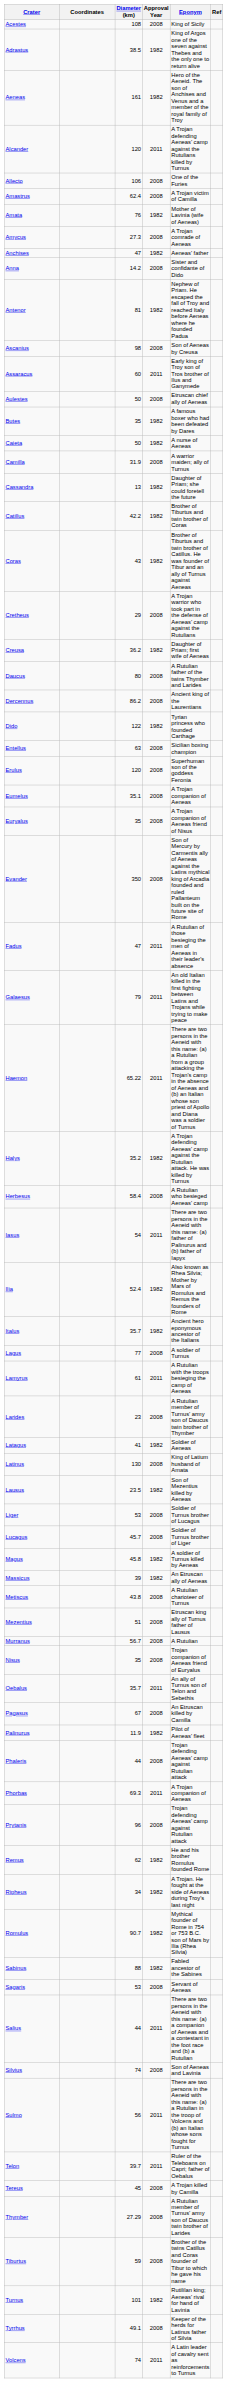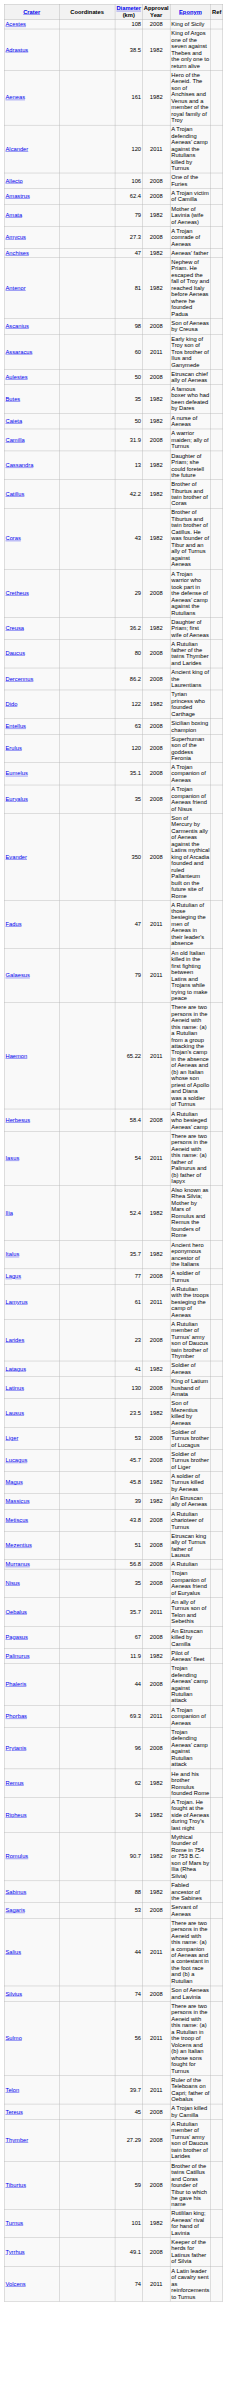 <table class="wikitable sortable" style="min-width: 90%">
 <tr>
 <th style="width:10em"><a href='#'>Crater</a></th>
 <th style="width:10em">Coordinates</th>
 <th><a href='#'>Diameter</a><br>(km)</th>
 <th>Approval<br>Year</th>
 <th class="unsortable"><a href='#'>Eponym</a></th>
 <th class="unsortable">Ref</th>
 </tr>
 <tr id="Acestes">
 <td><a href='#'>Acestes</a></td>
 <td></td>
 <td align=right>108</td>
 <td align=center>2008</td>
 <td>King of Sicily</td>
 <td></td>
 </tr>
 <tr id="Adrastus">
 <td><a href='#'>Adrastus</a></td>
 <td></td>
 <td align=right>38.5</td>
 <td align=center>1982</td>
 <td>King of Argos one of the seven against Thebes and the only one to return alive</td>
 <td></td>
 </tr>
 <tr id="Aeneas">
 <td><a href='#'>Aeneas</a></td>
 <td></td>
 <td align=right>161</td>
 <td align=center>1982</td>
 <td>Hero of the Aeneid. The son of Anchises and Venus and a member of the royal family of Troy</td>
 <td></td>
 </tr>
 <tr id="Alcander">
 <td><a href='#'>Alcander</a></td>
 <td></td>
 <td align=right>120</td>
 <td align=center>2011</td>
 <td>A Trojan defending Aeneas’ camp against the Rutulians killed by Turnus</td>
 <td></td>
 </tr>
 <tr id="Allecto">
 <td><a href='#'>Allecto</a></td>
 <td></td>
 <td align=right>106</td>
 <td align=center>2008</td>
 <td>One of the Furies</td>
 <td></td>
 </tr>
 <tr id="Amastrus">
 <td><a href='#'>Amastrus</a></td>
 <td></td>
 <td align=right>62.4</td>
 <td align=center>2008</td>
 <td>A Trojan victim of Camilla</td>
 <td></td>
 </tr>
 <tr id="Amata">
 <td><a href='#'>Amata</a></td>
 <td></td>
-<td align=right>76</td>
+<td align=right>79</td>
 <td align=center>1982</td>
 <td>Mother of Lavinia (wife of Aeneas)</td>
 <td></td>
 </tr>
 <tr id="Amycus">
 <td><a href='#'>Amycus</a></td>
 <td></td>
 <td align=right>27.3</td>
 <td align=center>2008</td>
 <td>A Trojan comrade of Aeneas</td>
 <td></td>
 </tr>
 <tr id="Anchises">
 <td><a href='#'>Anchises</a></td>
 <td></td>
 <td align=right>47</td>
 <td align=center>1982</td>
 <td>Aeneas' father</td>
-<td></td>
-</tr>
-<tr id="Anna">
-<td><a href='#'>Anna</a></td>
-<td></td>
-<td align=right>14.2</td>
-<td align=center>2008</td>
-<td>Sister and confidante of Dido</td>
 <td></td>
 </tr>
 <tr id="Antenor">
 <td><a href='#'>Antenor</a></td>
 <td></td>
 <td align=right>81</td>
 <td align=center>1982</td>
 <td>Nephew of Priam. He escaped the fall of Troy and reached Italy before Aeneas where he founded Padua</td>
 <td></td>
 </tr>
 <tr id="Ascanius">
 <td><a href='#'>Ascanius</a></td>
 <td></td>
 <td align=right>98</td>
 <td align=center>2008</td>
 <td>Son of Aeneas by Creusa</td>
 <td></td>
 </tr>
 <tr id="Assaracus">
 <td><a href='#'>Assaracus</a></td>
 <td></td>
 <td align=right>60</td>
 <td align=center>2011</td>
 <td>Early king of Troy son of Tros brother of Ilus and Ganymede</td>
 <td></td>
 </tr>
 <tr id="Aulestes">
 <td><a href='#'>Aulestes</a></td>
 <td></td>
 <td align=right>50</td>
 <td align=center>2008</td>
 <td>Etruscan chief ally of Aeneas</td>
 <td></td>
 </tr>
 <tr id="Butes">
 <td><a href='#'>Butes</a></td>
 <td></td>
 <td align=right>35</td>
 <td align=center>1982</td>
 <td>A famous boxer who had been defeated by Dares</td>
 <td></td>
 </tr>
 <tr id="Caieta">
 <td><a href='#'>Caieta</a></td>
 <td></td>
 <td align=right>50</td>
 <td align=center>1982</td>
 <td>A nurse of Aeneas</td>
 <td></td>
 </tr>
 <tr id="Camilla">
 <td><a href='#'>Camilla</a></td>
 <td></td>
 <td align=right>31.9</td>
 <td align=center>2008</td>
 <td>A warrior maiden; ally of Turnus</td>
 <td></td>
 </tr>
 <tr id="Cassandra">
 <td><a href='#'>Cassandra</a></td>
 <td></td>
 <td align=right>13</td>
 <td align=center>1982</td>
 <td>Daughter of Priam; she could foretell the future</td>
 <td></td>
 </tr>
 <tr id="Catillus">
 <td><a href='#'>Catillus</a></td>
 <td></td>
 <td align=right>42.2</td>
 <td align=center>1982</td>
 <td>Brother of Tiburtus and twin brother of Coras</td>
 <td></td>
 </tr>
 <tr id="Coras">
 <td><a href='#'>Coras</a></td>
 <td></td>
 <td align=right>43</td>
 <td align=center>1982</td>
 <td>Brother of Tiburtus and twin brother of Catillus. He was founder of Tibur and an ally of Turnus against Aeneas</td>
 <td></td>
 </tr>
 <tr id="Cretheus">
 <td><a href='#'>Cretheus</a></td>
 <td></td>
 <td align=right>29</td>
 <td align=center>2008</td>
 <td>A Trojan warrior who took part in the defense of Aeneas’ camp against the Rutulians</td>
 <td></td>
 </tr>
 <tr id="Creusa">
 <td><a href='#'>Creusa</a></td>
 <td></td>
 <td align=right>36.2</td>
 <td align=center>1982</td>
 <td>Daughter of Priam; first wife of Aeneas</td>
 <td></td>
 </tr>
 <tr id="Daucus">
 <td><a href='#'>Daucus</a></td>
 <td></td>
 <td align=right>80</td>
 <td align=center>2008</td>
 <td>A Rutulian father of the twins Thymber and Larides</td>
 <td></td>
 </tr>
 <tr id="Dercennus">
 <td><a href='#'>Dercennus</a></td>
 <td></td>
 <td align=right>86.2</td>
 <td align=center>2008</td>
 <td>Ancient king of the Laurentians</td>
 <td></td>
 </tr>
 <tr id="Dido">
 <td><a href='#'>Dido</a></td>
 <td></td>
 <td align=right>122</td>
 <td align=center>1982</td>
 <td>Tyrian princess who founded Carthage</td>
 <td></td>
 </tr>
 <tr id="Entellus">
 <td><a href='#'>Entellus</a></td>
 <td></td>
 <td align=right>63</td>
 <td align=center>2008</td>
 <td>Sicilian boxing champion</td>
 <td></td>
 </tr>
 <tr id="Erulus">
 <td><a href='#'>Erulus</a></td>
 <td></td>
 <td align=right>120</td>
 <td align=center>2008</td>
 <td>Superhuman son of the goddess Feronia</td>
 <td></td>
 </tr>
 <tr id="Eumelus">
 <td><a href='#'>Eumelus</a></td>
 <td></td>
 <td align=right>35.1</td>
 <td align=center>2008</td>
 <td>A Trojan companion of Aeneas</td>
 <td></td>
 </tr>
 <tr id="Euryalus">
 <td><a href='#'>Euryalus</a></td>
 <td></td>
 <td align=right>35</td>
 <td align=center>2008</td>
 <td>A Trojan companion of Aeneas friend of Nisus</td>
 <td></td>
 </tr>
 <tr id="Evander">
 <td><a href='#'>Evander</a></td>
 <td></td>
 <td align=right>350</td>
 <td align=center>2008</td>
 <td>Son of Mercury by Carmentis ally of Aeneas against the Latins mythical king of Arcadia founded and ruled Pallanteum built on the future site of Rome</td>
 <td></td>
 </tr>
 <tr id="Fadus">
 <td><a href='#'>Fadus</a></td>
 <td></td>
 <td align=right>47</td>
 <td align=center>2011</td>
 <td>A Rutulian of those besieging the men of Aeneas in their leader's absence</td>
 <td></td>
 </tr>
 <tr id="Galaesus">
 <td><a href='#'>Galaesus</a></td>
 <td></td>
 <td align=right>79</td>
 <td align=center>2011</td>
 <td>An old Italian killed in the first fighting between Latins and Trojans while trying to make peace</td>
 <td></td>
 </tr>
 <tr id="Haemon">
 <td><a href='#'>Haemon</a></td>
 <td></td>
 <td align=right>65.22</td>
 <td align=center>2011</td>
 <td>There are two persons in the Aeneid with this name: (a) a Rutulian from a group attacking the Trojan's camp in the absence of Aeneas and (b) an Italian whose son priest of Apollo and Diana was a soldier of Turnus</td>
 <td></td>
 </tr>
-<tr id="Halys">
-<td><a href='#'>Halys</a></td>
-<td></td>
-<td align=right>35.2</td>
-<td align=center>1982</td>
-<td>A Trojan defending Aeneas' camp against the Rutulian attack. He was killed by Turnus</td>
-<td></td>
-</tr>
 <tr id="Herbesus">
 <td><a href='#'>Herbesus</a></td>
 <td></td>
 <td align=right>58.4</td>
 <td align=center>2008</td>
 <td>A Rutulian who besieged Aeneas' camp</td>
 <td></td>
 </tr>
 <tr id="Iasus">
 <td><a href='#'>Iasus</a></td>
 <td></td>
 <td align=right>54</td>
 <td align=center>2011</td>
 <td>There are two persons in the Aeneid with this name: (a) father of Palinurus and (b) father of Iapyx</td>
 <td></td>
 </tr>
 <tr id="Ilia">
 <td><a href='#'>Ilia</a></td>
 <td></td>
 <td align=right>52.4</td>
 <td align=center>1982</td>
 <td>Also known as Rhea Silvia; Mother by Mars of Romulus and Remus the founders of Rome</td>
 <td></td>
 </tr>
 <tr id="Italus">
 <td><a href='#'>Italus</a></td>
 <td></td>
 <td align=right>35.7</td>
 <td align=center>1982</td>
 <td>Ancient hero eponymous ancestor of the Italians</td>
 <td></td>
 </tr>
 <tr id="Lagus">
 <td><a href='#'>Lagus</a></td>
 <td></td>
 <td align=right>77</td>
 <td align=center>2008</td>
 <td>A soldier of Turnus</td>
 <td></td>
 </tr>
 <tr id="Lamyrus">
 <td><a href='#'>Lamyrus</a></td>
 <td></td>
 <td align=right>61</td>
 <td align=center>2011</td>
 <td>A Rutulian with the troops besieging the camp of Aeneas</td>
 <td></td>
 </tr>
 <tr id="Larides">
 <td><a href='#'>Larides</a></td>
 <td></td>
 <td align=right>23</td>
 <td align=center>2008</td>
 <td>A Rutulian member of Turnus’ army son of Daucus twin brother of Thymber</td>
 <td></td>
 </tr>
 <tr id="Latagus">
 <td><a href='#'>Latagus</a></td>
 <td></td>
 <td align=right>41</td>
 <td align=center>1982</td>
 <td>Soldier of Aeneas</td>
 <td></td>
 </tr>
 <tr id="Latinus">
 <td><a href='#'>Latinus</a></td>
 <td></td>
 <td align=right>130</td>
 <td align=center>2008</td>
 <td>King of Latium husband of Amata</td>
 <td></td>
 </tr>
 <tr id="Lausus">
 <td><a href='#'>Lausus</a></td>
 <td></td>
 <td align=right>23.5</td>
 <td align=center>1982</td>
 <td>Son of Mezentius killed by Aeneas</td>
 <td></td>
 </tr>
 <tr id="Liger">
 <td><a href='#'>Liger</a></td>
 <td></td>
 <td align=right>53</td>
 <td align=center>2008</td>
 <td>Soldier of Turnus brother of Lucagus</td>
 <td></td>
 </tr>
 <tr id="Lucagus">
 <td><a href='#'>Lucagus</a></td>
 <td></td>
 <td align=right>45.7</td>
 <td align=center>2008</td>
 <td>Soldier of Turnus brother of Liger</td>
 <td></td>
 </tr>
 <tr id="Magus">
 <td><a href='#'>Magus</a></td>
 <td></td>
 <td align=right>45.8</td>
 <td align=center>1982</td>
 <td>A soldier of Turnus killed by Aeneas</td>
 <td></td>
 </tr>
 <tr id="Massicus">
 <td><a href='#'>Massicus</a></td>
 <td></td>
 <td align=right>39</td>
 <td align=center>1982</td>
 <td>An Etruscan ally of Aeneas</td>
 <td></td>
 </tr>
 <tr id="Metiscus">
 <td><a href='#'>Metiscus</a></td>
 <td></td>
 <td align=right>43.8</td>
 <td align=center>2008</td>
 <td>A Rutulian charioteer of Turnus</td>
 <td></td>
 </tr>
 <tr id="Mezentius">
 <td><a href='#'>Mezentius</a></td>
 <td></td>
 <td align=right>51</td>
 <td align=center>2008</td>
 <td>Etruscan king ally of Turnus father of Lausus</td>
 <td></td>
 </tr>
 <tr id="Murranus">
 <td><a href='#'>Murranus</a></td>
 <td></td>
-<td align=right>56.7</td>
+<td align=right>56.8</td>
 <td align=center>2008</td>
 <td>A Rutulian</td>
 <td></td>
 </tr>
 <tr id="Nisus">
 <td><a href='#'>Nisus</a></td>
 <td></td>
 <td align=right>35</td>
 <td align=center>2008</td>
 <td>Trojan companion of Aeneas friend of Euryalus</td>
 <td></td>
 </tr>
 <tr id="Oebalus">
 <td><a href='#'>Oebalus</a></td>
 <td></td>
 <td align=right>35.7</td>
 <td align=center>2011</td>
 <td>An ally of Turnus son of Telon and Sebethis</td>
 <td></td>
 </tr>
 <tr id="Pagasus">
 <td><a href='#'>Pagasus</a></td>
 <td></td>
 <td align=right>67</td>
 <td align=center>2008</td>
 <td>An Etruscan killed by Camilla</td>
 <td></td>
 </tr>
 <tr id="Palinurus">
 <td><a href='#'>Palinurus</a></td>
 <td></td>
 <td align=right>11.9</td>
 <td align=center>1982</td>
 <td>Pilot of Aeneas' fleet</td>
 <td></td>
 </tr>
 <tr id="Phaleris">
 <td><a href='#'>Phaleris</a></td>
 <td></td>
 <td align=right>44</td>
 <td align=center>2008</td>
 <td>Trojan defending Aeneas' camp against Rutulian attack</td>
 <td></td>
 </tr>
 <tr id="Phorbas">
 <td><a href='#'>Phorbas</a></td>
 <td></td>
 <td align=right>69.3</td>
 <td align=center>2011</td>
 <td>A Trojan companion of Aeneas</td>
 <td></td>
 </tr>
 <tr id="Prytanis">
 <td><a href='#'>Prytanis</a></td>
 <td></td>
 <td align=right>96</td>
 <td align=center>2008</td>
 <td>Trojan defending Aeneas' camp against Rutulian attack</td>
 <td></td>
 </tr>
 <tr id="Remus">
 <td><a href='#'>Remus</a></td>
 <td></td>
 <td align=right>62</td>
 <td align=center>1982</td>
 <td>He and his brother Romulus founded Rome</td>
 <td></td>
 </tr>
 <tr id="Ripheus">
 <td><a href='#'>Ripheus</a></td>
 <td></td>
 <td align=right>34</td>
 <td align=center>1982</td>
 <td>A Trojan. He fought at the side of Aeneas during Troy's last night</td>
 <td></td>
 </tr>
 <tr id="Romulus">
 <td><a href='#'>Romulus</a></td>
 <td></td>
 <td align=right>90.7</td>
 <td align=center>1982</td>
 <td>Mythical founder of Rome in 754 or 753 B.C. son of Mars by Ilia (Rhea Silvia)</td>
 <td></td>
 </tr>
 <tr id="Sabinus">
 <td><a href='#'>Sabinus</a></td>
 <td></td>
 <td align=right>88</td>
 <td align=center>1982</td>
 <td>Fabled ancestor of the Sabines</td>
 <td></td>
 </tr>
 <tr id="Sagaris">
 <td><a href='#'>Sagaris</a></td>
 <td></td>
 <td align=right>53</td>
 <td align=center>2008</td>
 <td>Servant of Aeneas</td>
 <td></td>
 </tr>
 <tr id="Salius">
 <td><a href='#'>Salius</a></td>
 <td></td>
 <td align=right>44</td>
 <td align=center>2011</td>
 <td>There are two persons in the Aeneid with this name: (a) a companion of Aeneas and a contestant in the foot race and (b) a Rutulian</td>
 <td></td>
 </tr>
 <tr id="Silvius">
 <td><a href='#'>Silvius</a></td>
 <td></td>
 <td align=right>74</td>
 <td align=center>2008</td>
 <td>Son of Aeneas and Lavinia</td>
 <td></td>
 </tr>
 <tr id="Sulmo">
 <td><a href='#'>Sulmo</a></td>
 <td></td>
 <td align=right>56</td>
 <td align=center>2011</td>
 <td>There are two persons in the Aeneid with this name: (a) a Rutulian in the troop of Volcens and (b) an Italian whose sons fought for Turnus</td>
 <td></td>
 </tr>
 <tr id="Telon">
 <td><a href='#'>Telon</a></td>
 <td></td>
 <td align=right>39.7</td>
 <td align=center>2011</td>
 <td>Ruler of the Teleboans on Capri; father of Oebalus</td>
 <td></td>
 </tr>
 <tr id="Tereus">
 <td><a href='#'>Tereus</a></td>
 <td></td>
 <td align=right>45</td>
 <td align=center>2008</td>
 <td>A Trojan killed by Camilla</td>
 <td></td>
 </tr>
 <tr id="Thymber">
 <td><a href='#'>Thymber</a></td>
 <td></td>
 <td align=right>27.29</td>
 <td align=center>2008</td>
 <td>A Rutulian member of Turnus’ army son of Daucus twin brother of Larides</td>
 <td></td>
 </tr>
 <tr id="Tiburtus">
 <td><a href='#'>Tiburtus</a></td>
 <td></td>
 <td align=right>59</td>
 <td align=center>2008</td>
 <td>Brother of the twins Catillus and Coras founder of Tibur to which he gave his name</td>
 <td></td>
 </tr>
 <tr id="Turnus">
 <td><a href='#'>Turnus</a></td>
 <td></td>
 <td align=right>101</td>
 <td align=center>1982</td>
 <td>Rutililan king; Aeneas' rival for hand of Lavinia</td>
 <td></td>
 </tr>
 <tr id="Tyrrhus">
 <td><a href='#'>Tyrrhus</a></td>
 <td></td>
 <td align=right>49.1</td>
 <td align=center>2008</td>
 <td>Keeper of the herds for Latinus father of Silvia</td>
 <td></td>
 </tr>
 <tr id="Volcens">
 <td><a href='#'>Volcens</a></td>
 <td></td>
 <td align=right>74</td>
 <td align=center>2011</td>
 <td>A Latin leader of cavalry sent as reinforcements to Turnus</td>
 <td></td>
 </tr>
 </table>
